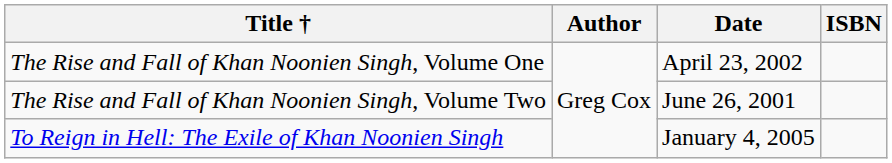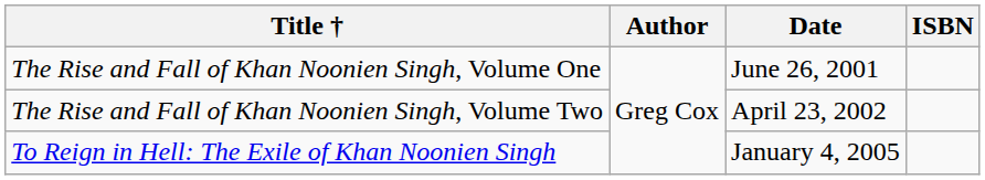 <table class="wikitable">
 <tr>
 <th>Title †</th>
 <th>Author</th>
 <th>Date</th>
 <th>ISBN</th>
 </tr>
 <tr>
 <td><em>The Rise and Fall of Khan Noonien Singh</em>, Volume One</td>
 <td rowspan="3">Greg Cox</td>
-<td>April 23, 2002</td>
+<td>June 26, 2001</td>
 <td></td>
 </tr>
 <tr>
 <td><em>The Rise and Fall of Khan Noonien Singh</em>, Volume Two</td>
-<td>June 26, 2001</td>
+<td>April 23, 2002</td>
 <td></td>
 </tr>
 <tr>
 <td><em><a href='#'>To Reign in Hell: The Exile of Khan Noonien Singh</a></em></td>
 <td>January 4, 2005</td>
 <td></td>
 </tr>
 </table>
